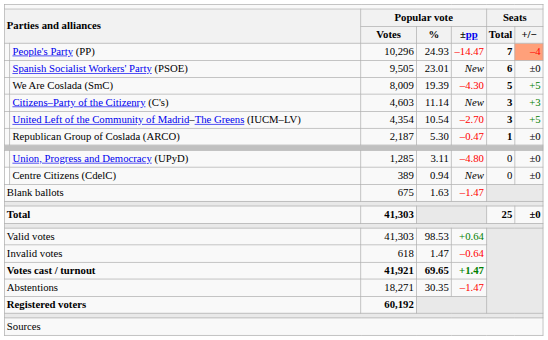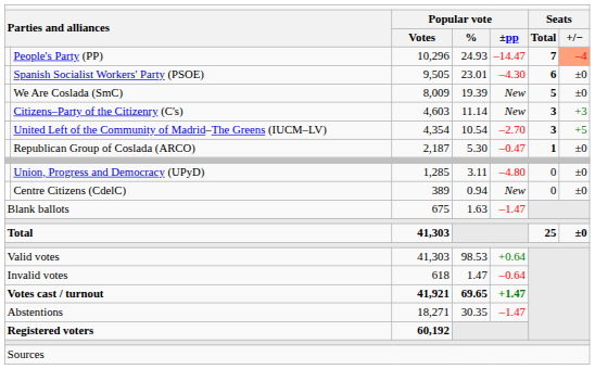 <table class="wikitable" style="text-align:right;">
 <tr>
 <td colspan="7"></td>
 </tr>
 <tr>
 <th style="text-align:left;" rowspan="2" colspan="2" width="525">Parties and alliances</th>
 <th colspan="3">Popular vote</th>
 <th colspan="2">Seats</th>
 </tr>
 <tr>
 <th width="75">Votes</th>
 <th width="45">%</th>
 <th width="45">±<a href='#'>pp</a></th>
 <th width="35">Total</th>
 <th width="35">+/−</th>
 </tr>
 <tr>
 <td width="1" style="color:inherit;background:"></td>
 <td align="left"><a href='#'>People's Party</a> (PP)</td>
 <td>10,296</td>
 <td>24.93</td>
 <td style="color:red;">–14.47</td>
 <td><strong>7</strong></td>
 <td style="background: lightsalmon; color:red;">–4</td>
 </tr>
 <tr>
 <td style="color:inherit;background:"></td>
 <td align="left"><a href='#'>Spanish Socialist Workers' Party</a> (PSOE)</td>
 <td>9,505</td>
 <td>23.01</td>
-<td><em>New</em></td>
+<td style="color:red;">–4.30</td>
 <td><strong>6</strong></td>
 <td>±0</td>
 </tr>
 <tr>
 <td style="color:inherit;background:"></td>
 <td align="left">We Are Coslada (SmC)</td>
 <td>8,009</td>
 <td>19.39</td>
-<td style="color:red;">–4.30</td>
+<td><em>New</em></td>
 <td><strong>5</strong></td>
-<td style="color:green;">+5</td>
+<td>±0</td>
 </tr>
 <tr>
 <td style="color:inherit;background:"></td>
 <td align="left"><a href='#'>Citizens–Party of the Citizenry</a> (C's)</td>
 <td>4,603</td>
 <td>11.14</td>
 <td><em>New</em></td>
 <td><strong>3</strong></td>
 <td style="color:green;">+3</td>
 </tr>
 <tr>
 <td style="color:inherit;background:"></td>
 <td align="left"><a href='#'>United Left of the Community of Madrid</a>–<a href='#'>The Greens</a> (IUCM–LV)</td>
 <td>4,354</td>
 <td>10.54</td>
 <td style="color:red;">–2.70</td>
 <td><strong>3</strong></td>
 <td style="color:green;">+5</td>
 </tr>
 <tr>
 <td style="color:inherit;background:"></td>
 <td align="left">Republican Group of Coslada (ARCO)</td>
 <td>2,187</td>
 <td>5.30</td>
 <td style="color:red;">–0.47</td>
 <td><strong>1</strong></td>
 <td>±0</td>
 </tr>
 <tr>
 <td colspan="7" bgcolor="#C0C0C0"></td>
 </tr>
 <tr>
 <td style="color:inherit;background:"></td>
 <td align="left"><a href='#'>Union, Progress and Democracy</a> (UPyD)</td>
 <td>1,285</td>
 <td>3.11</td>
 <td style="color:red;">–4.80</td>
 <td>0</td>
 <td>±0</td>
 </tr>
 <tr>
 <td bgcolor="white"></td>
 <td align="left">Centre Citizens (CdelC)</td>
 <td>389</td>
 <td>0.94</td>
 <td><em>New</em></td>
 <td>0</td>
 <td>±0</td>
 </tr>
 <tr>
 <td align="left" colspan="2">Blank ballots</td>
 <td>675</td>
 <td>1.63</td>
 <td style="color:red;">–1.47</td>
 <td bgcolor="#E9E9E9" colspan="2"></td>
 </tr>
 <tr>
 <td colspan="7" bgcolor="#E9E9E9"></td>
 </tr>
 <tr style="font-weight:bold;">
 <td align="left" colspan="2">Total</td>
 <td>41,303</td>
 <td bgcolor="#E9E9E9" colspan="2"></td>
 <td>25</td>
 <td>±0</td>
 </tr>
 <tr>
 <td colspan="7" bgcolor="#E9E9E9"></td>
 </tr>
 <tr>
 <td align="left" colspan="2">Valid votes</td>
 <td>41,303</td>
 <td>98.53</td>
 <td style="color:green;">+0.64</td>
 <td bgcolor="#E9E9E9" colspan="2" rowspan="5"></td>
 </tr>
 <tr>
 <td align="left" colspan="2">Invalid votes</td>
 <td>618</td>
 <td>1.47</td>
 <td style="color:red;">–0.64</td>
 </tr>
 <tr style="font-weight:bold;">
 <td align="left" colspan="2">Votes cast / turnout</td>
 <td>41,921</td>
 <td>69.65</td>
 <td style="color:green;">+1.47</td>
 </tr>
 <tr>
 <td align="left" colspan="2">Abstentions</td>
 <td>18,271</td>
 <td>30.35</td>
 <td style="color:red;">–1.47</td>
 </tr>
 <tr style="font-weight:bold;">
 <td align="left" colspan="2">Registered voters</td>
 <td>60,192</td>
 <td bgcolor="#E9E9E9" colspan="2"></td>
 </tr>
 <tr>
 <td colspan="7" bgcolor="#E9E9E9"></td>
 </tr>
 <tr>
 <td align="left" colspan="7">Sources</td>
 </tr>
 </table>
